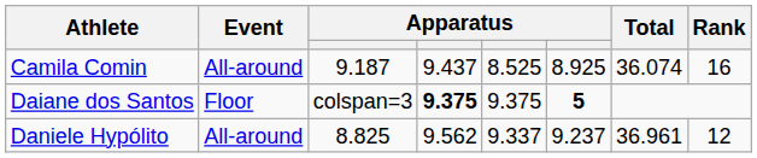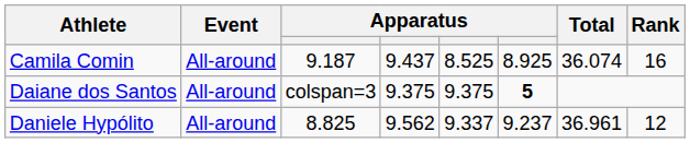 <table class="wikitable" style="font-size:90%">
 <tr>
 <th rowspan=2>Athlete</th>
 <th rowspan=2>Event</th>
 <th colspan =4>Apparatus</th>
 <th rowspan=2>Total</th>
 <th rowspan=2>Rank</th>
 </tr>
 <tr style="font-size:95%">
 <th></th>
 <th></th>
 <th></th>
 <th></th>
 </tr>
 <tr align=center>
 <td align=left><a href='#'>Camila Comin</a></td>
 <td align=left><a href='#'>All-around</a></td>
 <td>9.187</td>
 <td>9.437</td>
 <td>8.525</td>
 <td>8.925</td>
 <td>36.074</td>
 <td>16</td>
 </tr>
 <tr align=center>
 <td align=left><a href='#'>Daiane dos Santos</a></td>
-<td align=left><a href='#'>Floor</a></td>
+<td align=left><a href='#'>All-around</a></td>
 <td>colspan=3 </td>
-<td><strong>9.375</strong></td>
+<td>9.375</td>
 <td>9.375</td>
 <td><strong>5</strong></td>
 </tr>
 <tr align=center>
 <td align=left><a href='#'>Daniele Hypólito</a></td>
 <td align=left><a href='#'>All-around</a></td>
 <td>8.825</td>
 <td>9.562</td>
 <td>9.337</td>
 <td>9.237</td>
 <td>36.961</td>
 <td>12</td>
 </tr>
 </table>
